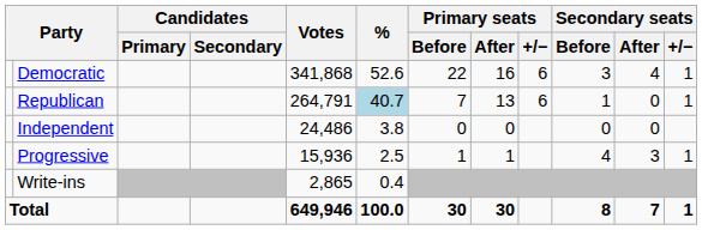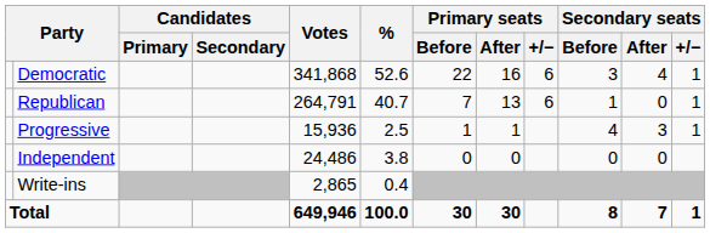 <table class="wikitable">
 <tr>
 <th colspan="2" rowspan="2">Party</th>
 <th colspan="2">Candidates</th>
 <th rowspan="2">Votes</th>
 <th rowspan="2">%</th>
 <th colspan="3">Primary seats</th>
 <th colspan="3">Secondary seats</th>
 </tr>
 <tr>
 <th>Primary</th>
 <th>Secondary</th>
 <th>Before</th>
 <th>After</th>
 <th>+/−</th>
 <th>Before</th>
 <th>After</th>
 <th>+/−</th>
 </tr>
 <tr>
 <td style="background-color:"></td>
 <td><a href='#'>Democratic</a></td>
 <td style="text-align:right;"></td>
 <td style="text-align:right;"></td>
 <td style="text-align:right;">341,868</td>
 <td style="text-align:right;">52.6</td>
 <td style="text-align:right;">22</td>
 <td style="text-align:right;">16</td>
 <td style="text-align:right;"> 6</td>
 <td style="text-align:right;">3</td>
 <td style="text-align:right;">4</td>
 <td style="text-align:right;"> 1</td>
 </tr>
 <tr>
 <td style="background-color:"></td>
 <td><a href='#'>Republican</a></td>
 <td style="text-align:right;"></td>
 <td style="text-align:right;"></td>
 <td style="text-align:right;">264,791</td>
-<td style="background: lightblue; text-align:right;">40.7</td>
+<td style="text-align:right;">40.7</td>
 <td style="text-align:right;">7</td>
 <td style="text-align:right;">13</td>
 <td style="text-align:right;"> 6</td>
 <td style="text-align:right;">1</td>
 <td style="text-align:right;">0</td>
+<td style="text-align:right;"> 1</td>
+</tr>
+<tr>
+<td style="background-color:"></td>
+<td><a href='#'>Progressive</a></td>
+<td style="text-align:right;"></td>
+<td style="text-align:right;"></td>
+<td style="text-align:right;">15,936</td>
+<td style="text-align:right;">2.5</td>
+<td style="text-align:right;">1</td>
+<td style="text-align:right;">1</td>
+<td style="text-align:center;"></td>
+<td style="text-align:right;">4</td>
+<td style="text-align:right;">3</td>
 <td style="text-align:right;"> 1</td>
 </tr>
 <tr>
 <td style="background-color:"></td>
 <td><a href='#'>Independent</a></td>
 <td style="text-align:right;"></td>
 <td style="text-align:right;"></td>
 <td style="text-align:right;">24,486</td>
 <td style="text-align:right;">3.8</td>
 <td style="text-align:right;">0</td>
 <td style="text-align:right;">0</td>
 <td style="text-align:center;"></td>
 <td style="text-align:right;">0</td>
 <td style="text-align:right;">0</td>
 <td style="text-align:center;"></td>
-</tr>
-<tr>
-<td style="background-color:"></td>
-<td><a href='#'>Progressive</a></td>
-<td style="text-align:right;"></td>
-<td style="text-align:right;"></td>
-<td style="text-align:right;">15,936</td>
-<td style="text-align:right;">2.5</td>
-<td style="text-align:right;">1</td>
-<td style="text-align:right;">1</td>
-<td style="text-align:center;"></td>
-<td style="text-align:right;">4</td>
-<td style="text-align:right;">3</td>
-<td style="text-align:right;"> 1</td>
 </tr>
 <tr>
 <td></td>
 <td>Write-ins</td>
 <td style="text-align:right; background:silver;" colspan=2></td>
 <td style="text-align:right;">2,865</td>
 <td style="text-align:right;">0.4</td>
 <td style="text-align:right; background:silver;" colspan=6></td>
 </tr>
 <tr>
 <td colspan="2"><strong>Total</strong></td>
 <td style="text-align:right;"><strong> </strong></td>
 <td style="text-align:right;"><strong> </strong></td>
 <td style="text-align:right;"><strong>649,946</strong></td>
 <td style="text-align:right;"><strong>100.0</strong></td>
 <td style="text-align:right;"><strong>30</strong></td>
 <td style="text-align:right;"><strong>30</strong></td>
 <td style="text-align:center;"></td>
 <td style="text-align:right;"><strong>8</strong></td>
 <td style="text-align:right;"><strong>7</strong></td>
 <td style="text-align:right;"><strong> 1</strong></td>
 </tr>
 </table>
